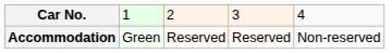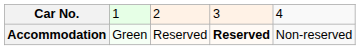 <table class="wikitable">
 <tr>
 <th>Car No.</th>
 <td style="background: #E6FFE6">1</td>
 <td style="background: #FFF2E6">2</td>
 <td style="background: #FFF2E6">3</td>
 <td>4</td>
 </tr>
 <tr>
 <th>Accommodation</th>
 <td style="background: #F5FFF5">Green</td>
 <td style="background: #FFFAF5">Reserved</td>
-<td style="background: #FFFAF5">Reserved</td>
+<td style="background: #FFFAF5"><strong>Reserved</strong></td>
 <td>Non-reserved</td>
 </tr>
 </table>
